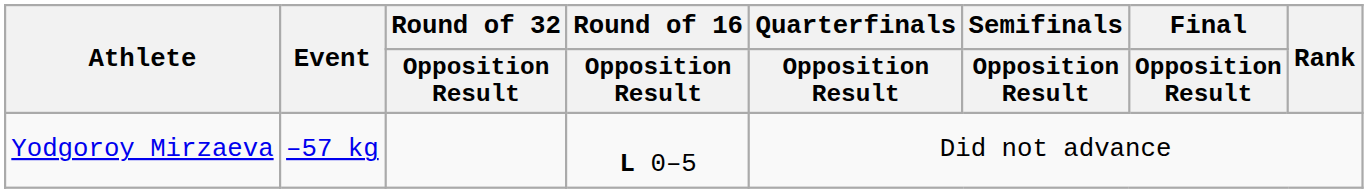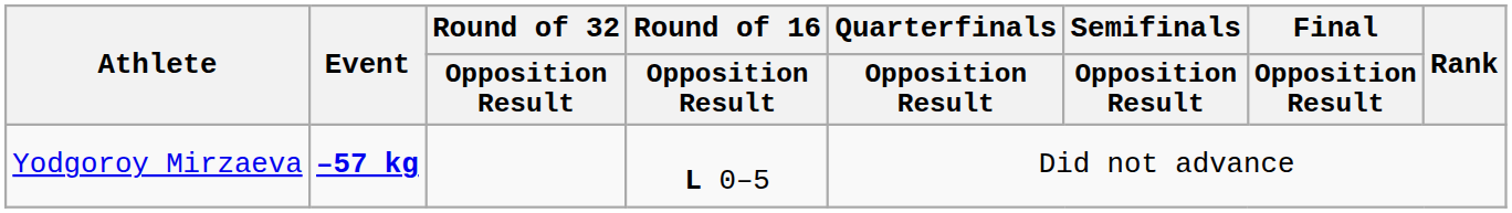 <table class=wikitable style=font-size:90%;text-align:center>
 <tr>
 <th rowspan="2">Athlete</th>
 <th rowspan="2">Event</th>
 <th>Round of 32</th>
 <th>Round of 16</th>
 <th>Quarterfinals</th>
 <th>Semifinals</th>
 <th>Final</th>
 <th rowspan=2>Rank</th>
 </tr>
 <tr style="font-size:95%">
 <th>Opposition<br>Result</th>
 <th>Opposition<br>Result</th>
 <th>Opposition<br>Result</th>
 <th>Opposition<br>Result</th>
 <th>Opposition<br>Result</th>
 </tr>
 <tr>
 <td align=left><a href='#'>Yodgoroy Mirzaeva</a></td>
-<td align=left><a href='#'>–57 kg</a></td>
+<td align=left><strong><a href='#'>–57 kg</a></strong></td>
 <td></td>
 <td><br><strong>L</strong> 0–5</td>
 <td colspan=4>Did not advance</td>
 </tr>
 </table>
